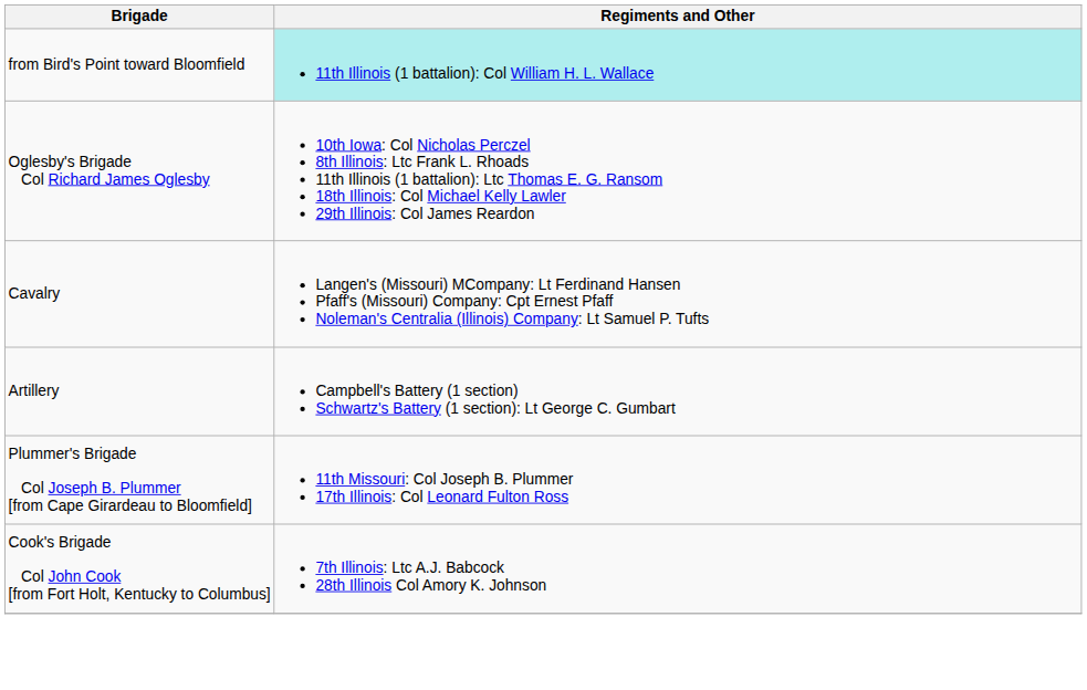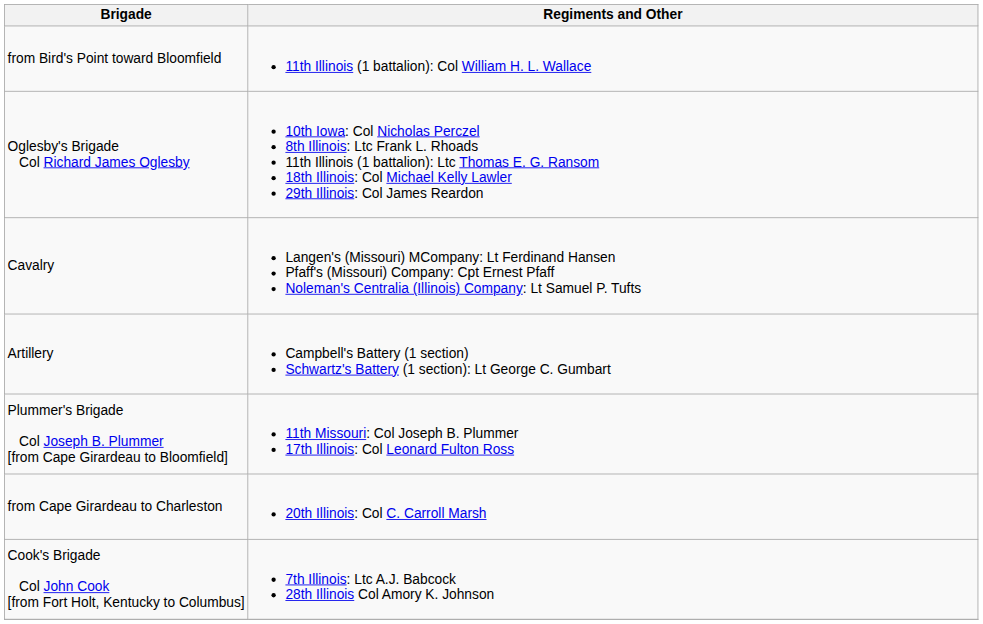 <table class="wikitable">
 <tr>
 <th width=25%>Brigade</th>
 <th>Regiments and Other</th>
 </tr>
 <tr>
 <td>from Bird's Point toward Bloomfield</td>
-<td style="background: paleturquoise;"><br><ul><li><a href='#'>11th Illinois</a> (1 battalion): Col <a href='#'>William H. L. Wallace</a></li></ul></td>
+<td><br><ul><li><a href='#'>11th Illinois</a> (1 battalion): Col <a href='#'>William H. L. Wallace</a></li></ul></td>
 </tr>
 <tr>
 <td>Oglesby's Brigade<br>   Col <a href='#'>Richard James Oglesby</a></td>
 <td><br><ul><li><a href='#'>10th Iowa</a>: Col <a href='#'> Nicholas Perczel</a></li><li><a href='#'>8th Illinois</a>: Ltc Frank L. Rhoads</li><li>11th Illinois (1 battalion): Ltc <a href='#'>Thomas E. G. Ransom</a></li><li><a href='#'>18th Illinois</a>: Col <a href='#'>Michael Kelly Lawler</a></li><li><a href='#'>29th Illinois</a>: Col James Reardon</li></ul></td>
 </tr>
 <tr>
 <td>Cavalry</td>
 <td><br><ul><li>Langen's (Missouri) MCompany: Lt Ferdinand Hansen</li><li>Pfaff's (Missouri) Company: Cpt Ernest Pfaff</li><li><a href='#'>Noleman's Centralia (Illinois) Company</a>: Lt Samuel P. Tufts</li></ul></td>
 </tr>
 <tr>
 <td>Artillery</td>
 <td><br><ul><li>Campbell's Battery (1 section)</li><li><a href='#'>Schwartz's Battery</a> (1 section): Lt George C. Gumbart</li></ul></td>
 </tr>
 <tr>
 <td>Plummer's Brigade<br><br>   Col <a href='#'>Joseph B. Plummer</a><br> [from Cape Girardeau to Bloomfield]</td>
 <td><br><ul><li><a href='#'>11th Missouri</a>: Col Joseph B. Plummer</li><li><a href='#'>17th Illinois</a>: Col <a href='#'>Leonard Fulton Ross</a></li></ul></td>
 </tr>
 <tr>
+<td>from Cape Girardeau to Charleston</td>
+<td><br><ul><li><a href='#'>20th Illinois</a>: Col <a href='#'>C. Carroll Marsh</a></li></ul></td>
+</tr>
+<tr>
 <td>Cook's Brigade<br><br>   Col <a href='#'>John Cook</a><br> [from Fort Holt, Kentucky to Columbus]</td>
 <td><br><ul><li><a href='#'>7th Illinois</a>: Ltc A.J. Babcock</li><li><a href='#'>28th Illinois</a> Col Amory K. Johnson</li></ul></td>
 </tr>
 <tr>
 </tr>
 </table>
